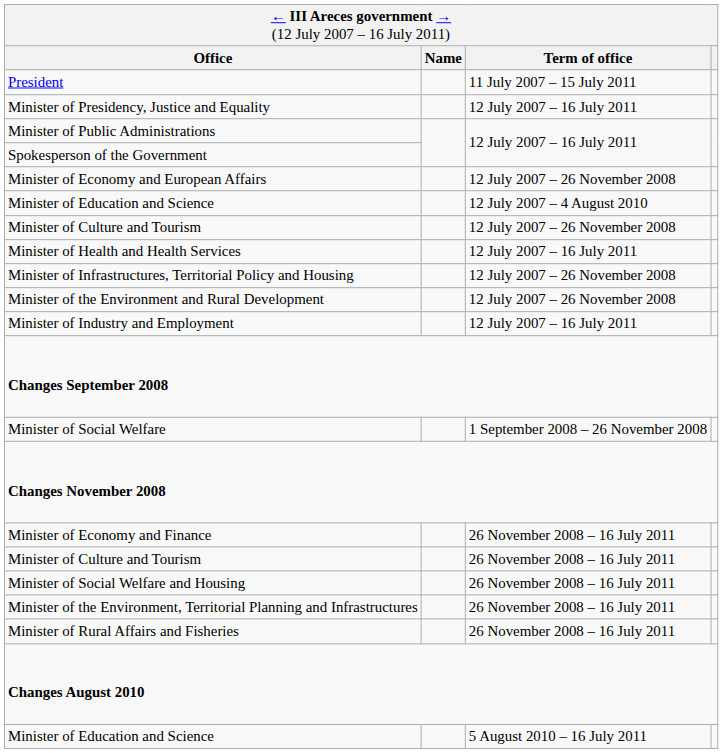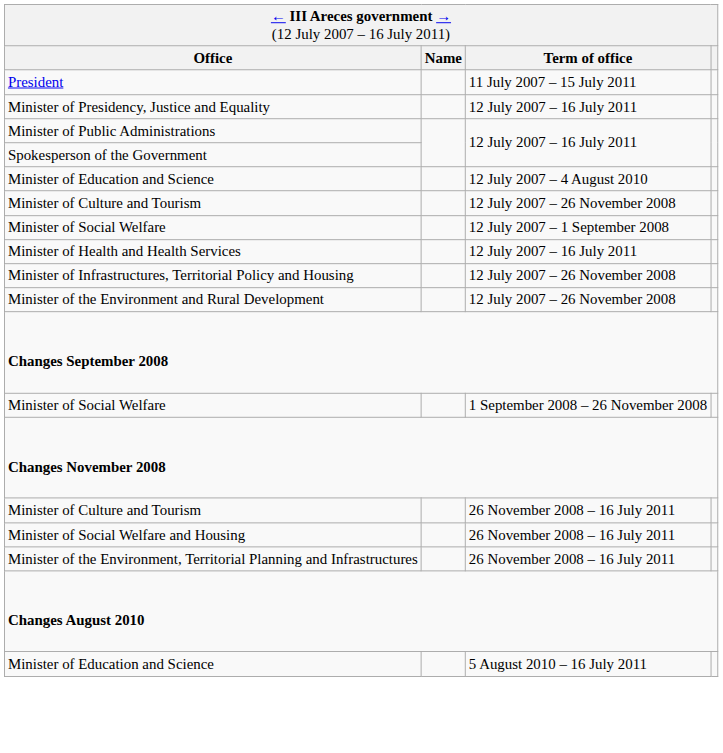 <table class="wikitable" style="font-size:97%;">
 <tr>
 <td colspan="4" bgcolor="#F2F2F2" align="center"><a href='#'>←</a> <strong>III Areces government</strong> <a href='#'>→</a><br>(12 July 2007 – 16 July 2011)</td>
 </tr>
 <tr>
 <th>Office</th>
 <th>Name</th>
 <th>Term of office</th>
 <th></th>
 </tr>
 <tr>
 <td><a href='#'>President</a></td>
 <td><strong></strong></td>
 <td>11 July 2007 – 15 July 2011</td>
 <td align=center></td>
 </tr>
 <tr>
 <td>Minister of Presidency, Justice and Equality</td>
 <td><strong></strong> </td>
 <td>12 July 2007 – 16 July 2011</td>
 <td align="center"></td>
 </tr>
 <tr>
 <td>Minister of Public Administrations</td>
 <td rowspan=2><strong></strong></td>
 <td rowspan=2>12 July 2007 – 16 July 2011</td>
 <td rowspan=2 align="center"></td>
 </tr>
 <tr>
 <td>Spokesperson of the Government</td>
 </tr>
 <tr>
-<td>Minister of Economy and European Affairs</td>
-<td><strong></strong> </td>
-<td>12 July 2007 – 26 November 2008</td>
-<td align="center"></td>
-</tr>
-<tr>
 <td>Minister of Education and Science</td>
 <td><strong></strong></td>
 <td>12 July 2007 – 4 August 2010</td>
 <td align="center"></td>
 </tr>
 <tr>
 <td>Minister of Culture and Tourism</td>
 <td><strong></strong></td>
 <td>12 July 2007 – 26 November 2008</td>
+<td align="center"></td>
+</tr>
+<tr>
+<td>Minister of Social Welfare</td>
+<td><strong></strong></td>
+<td>12 July 2007 – 1 September 2008</td>
 <td align="center"></td>
 </tr>
 <tr>
 <td>Minister of Health and Health Services</td>
 <td><strong></strong> </td>
 <td>12 July 2007 – 16 July 2011</td>
 <td align="center"></td>
 </tr>
 <tr>
 <td>Minister of Infrastructures, Territorial Policy and Housing</td>
 <td><strong></strong></td>
 <td>12 July 2007 – 26 November 2008</td>
 <td align="center"></td>
 </tr>
 <tr>
 <td>Minister of the Environment and Rural Development</td>
 <td><strong></strong></td>
 <td>12 July 2007 – 26 November 2008</td>
 <td align="center"></td>
 </tr>
 <tr>
-<td>Minister of Industry and Employment</td>
-<td><strong></strong></td>
-<td>12 July 2007 – 16 July 2011</td>
-<td align="center"></td>
-</tr>
-<tr>
 <td colspan="4"><br><h4>Changes September 2008</h4></td>
 </tr>
 <tr>
 <td>Minister of Social Welfare</td>
 <td><strong></strong></td>
 <td>1 September 2008 – 26 November 2008</td>
 <td align="center"></td>
 </tr>
 <tr>
 <td colspan="4"><br><h4>Changes November 2008</h4></td>
-</tr>
-<tr>
-<td>Minister of Economy and Finance</td>
-<td><strong></strong> </td>
-<td>26 November 2008 – 16 July 2011</td>
-<td align="center"></td>
 </tr>
 <tr>
 <td>Minister of Culture and Tourism</td>
 <td><strong></strong></td>
 <td>26 November 2008 – 16 July 2011</td>
 <td align="center"></td>
 </tr>
 <tr>
 <td>Minister of Social Welfare and Housing</td>
 <td><strong></strong></td>
 <td>26 November 2008 – 16 July 2011</td>
 <td align="center"></td>
 </tr>
 <tr>
 <td>Minister of the Environment, Territorial Planning and Infrastructures</td>
 <td><strong></strong></td>
 <td>26 November 2008 – 16 July 2011</td>
 <td align="center"></td>
 </tr>
 <tr>
-<td>Minister of Rural Affairs and Fisheries</td>
-<td><strong></strong></td>
-<td>26 November 2008 – 16 July 2011</td>
-<td align="center"></td>
-</tr>
-<tr>
 <td colspan="4"><br><h4>Changes August 2010</h4></td>
 </tr>
 <tr>
 <td>Minister of Education and Science</td>
 <td><strong></strong></td>
 <td>5 August 2010 – 16 July 2011</td>
 <td align="center"></td>
 </tr>
 </table>
